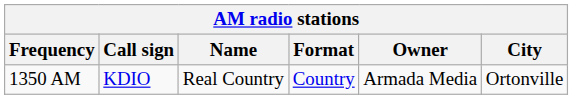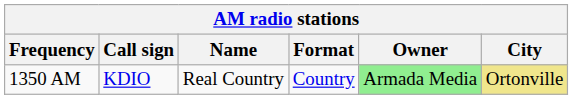 <table class="wikitable">
 <tr>
 <th align="center" colspan="6"><strong><a href='#'>AM radio</a> stations</strong></th>
 </tr>
 <tr>
 <th>Frequency</th>
 <th>Call sign</th>
 <th>Name</th>
 <th>Format</th>
 <th>Owner</th>
 <th>City</th>
 </tr>
 <tr>
 <td>1350 AM</td>
 <td><a href='#'>KDIO</a></td>
 <td>Real Country</td>
 <td><a href='#'>Country</a></td>
-<td>Armada Media</td>
-<td>Ortonville</td>
+<td style="background: lightgreen;">Armada Media</td>
+<td style="background: khaki;">Ortonville</td>
 </tr>
 </table>
